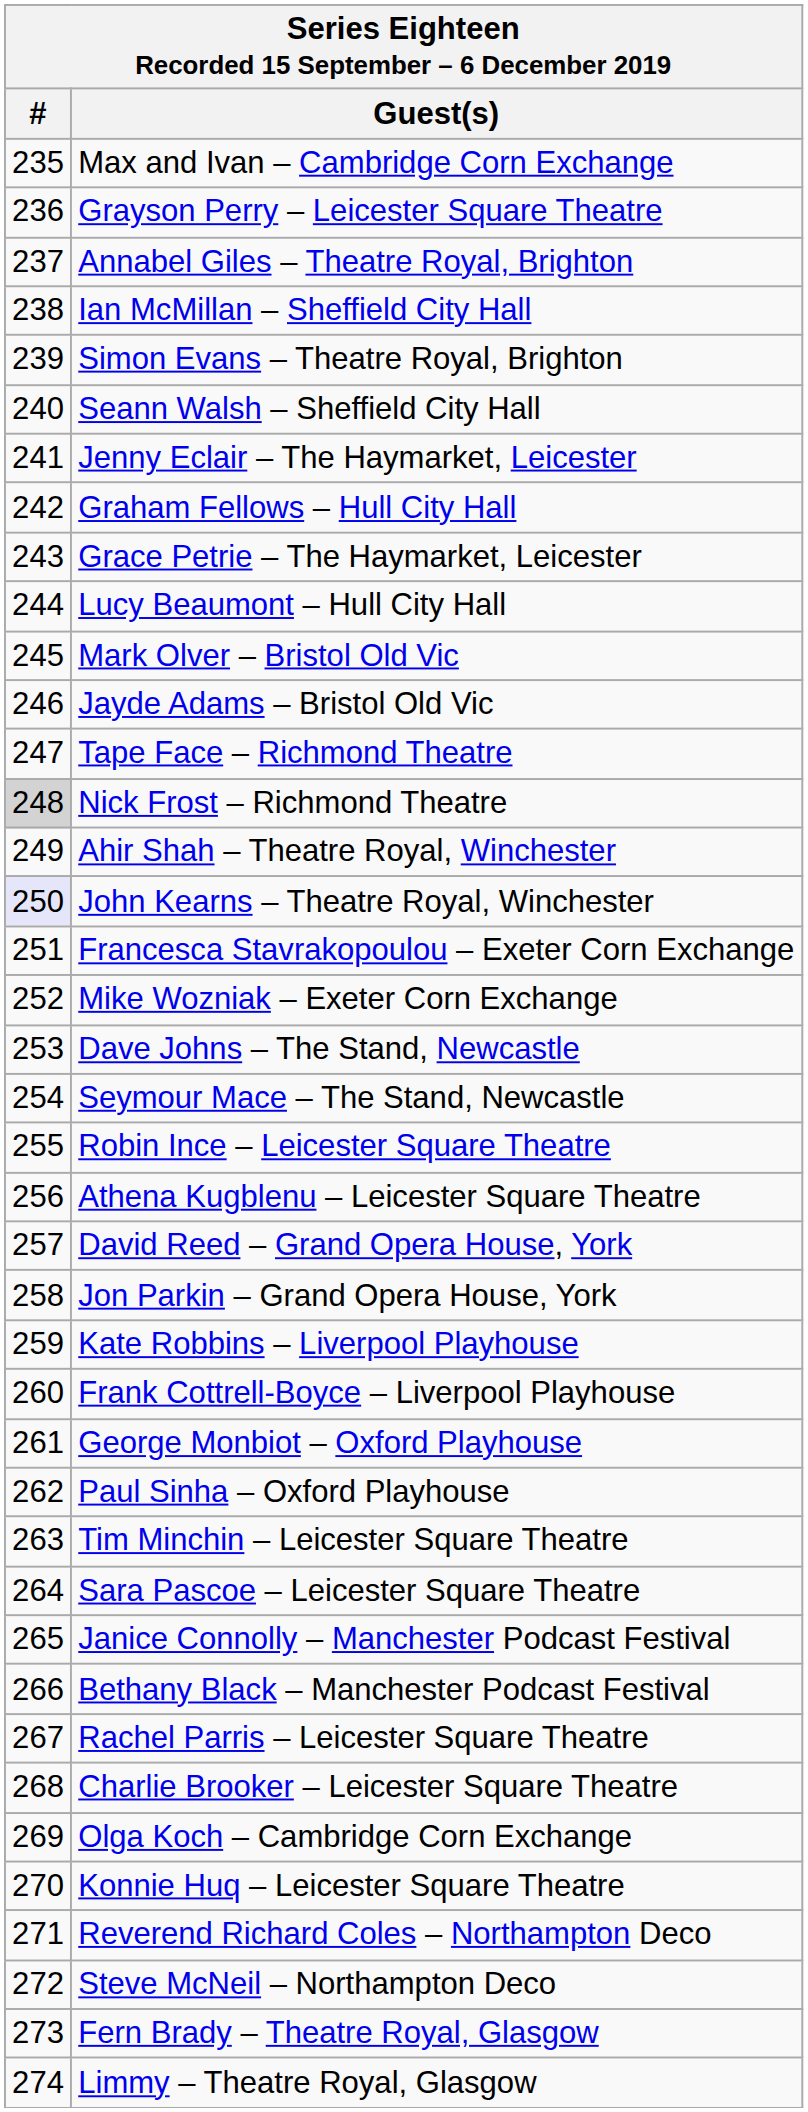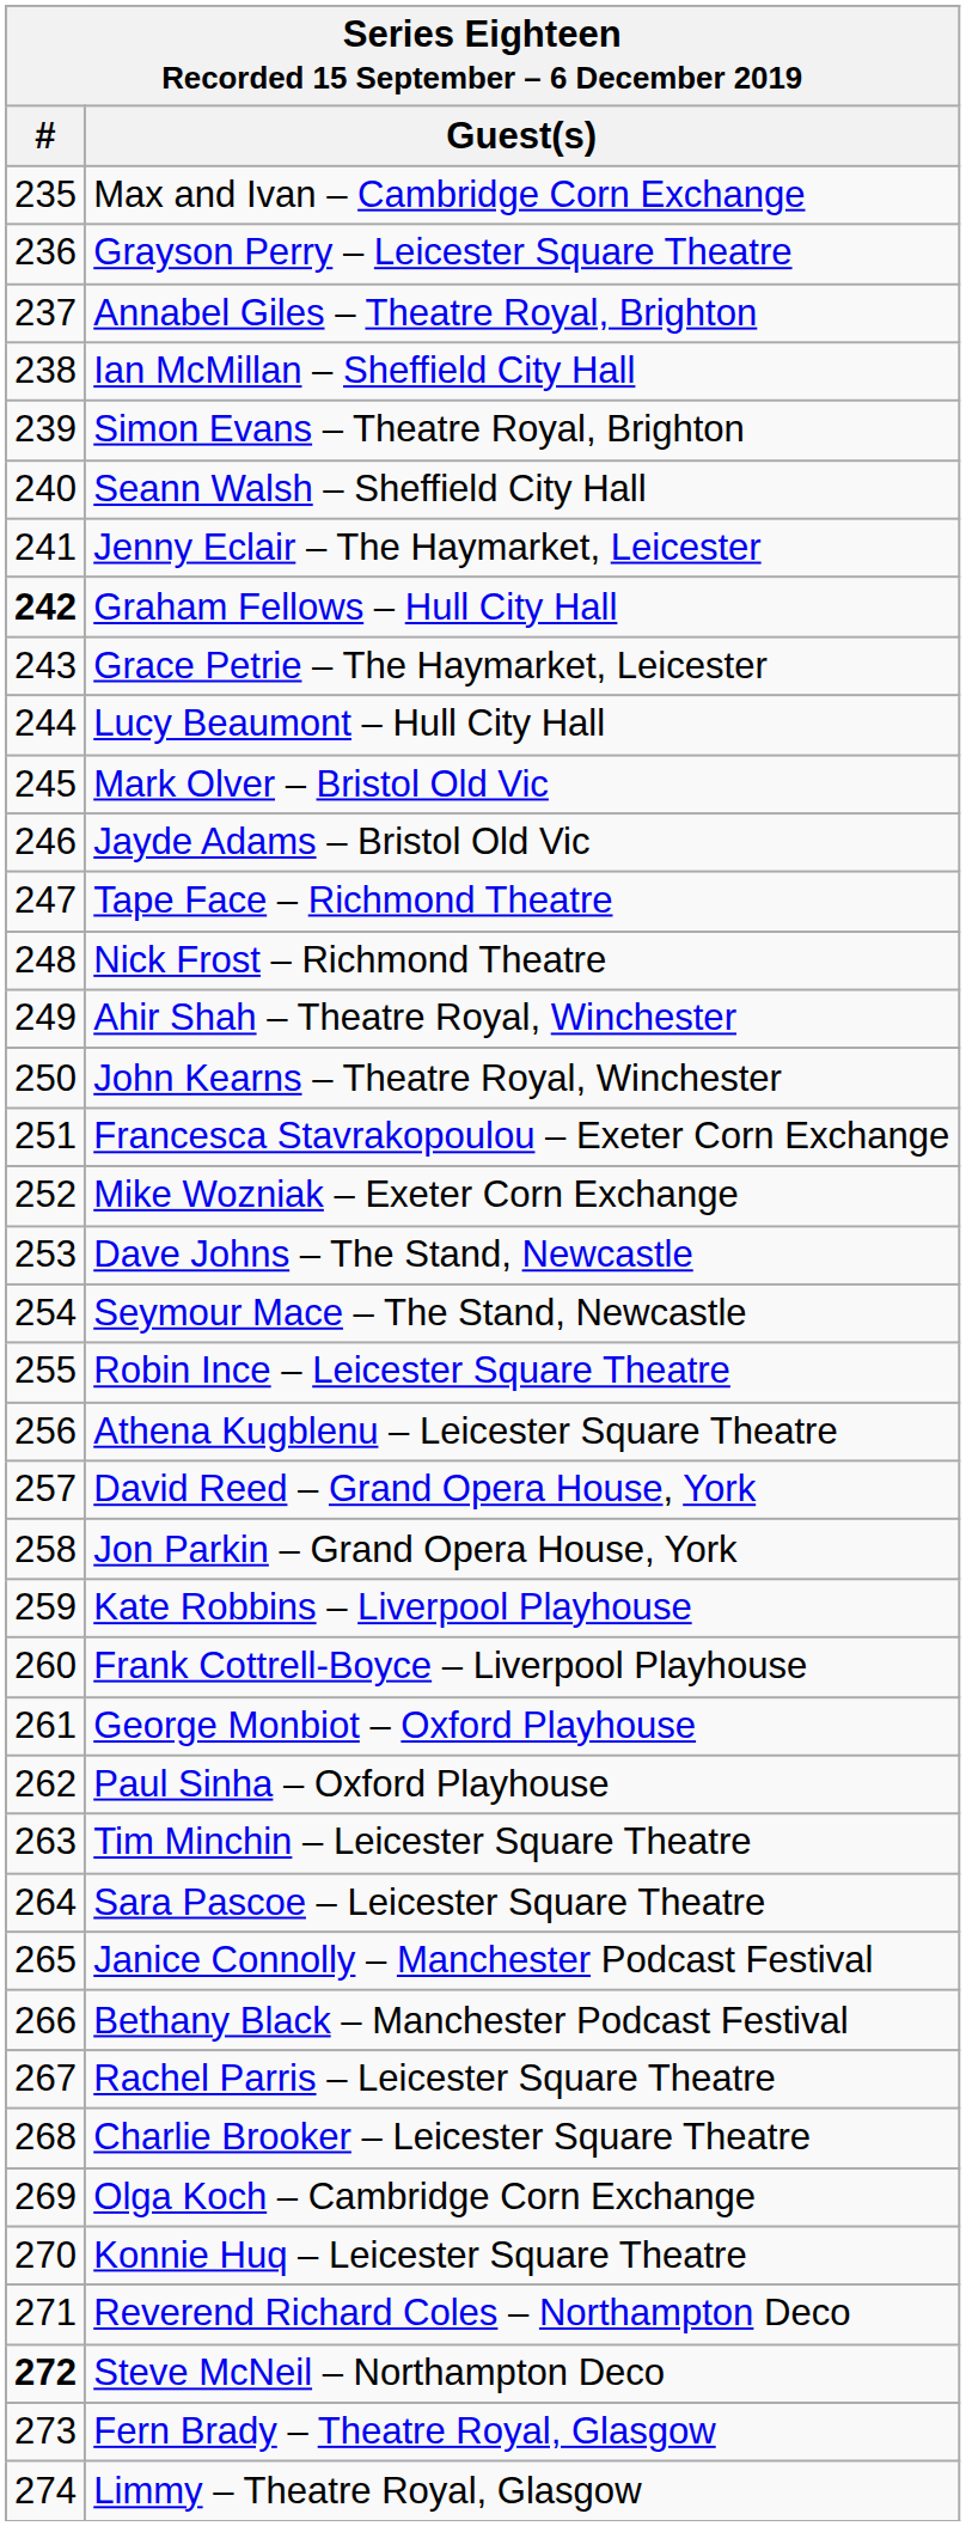 <table class="wikitable">
 <tr>
 <th colspan="3">Series Eighteen<br><small>Recorded 15 September – 6 December 2019</small></th>
 </tr>
 <tr>
 <th>#</th>
 <th>Guest(s)</th>
 </tr>
 <tr>
 <td>235</td>
 <td>Max and Ivan – <a href='#'>Cambridge Corn Exchange</a></td>
 </tr>
 <tr>
 <td>236</td>
 <td><a href='#'>Grayson Perry</a> – <a href='#'>Leicester Square Theatre</a></td>
 </tr>
 <tr>
 <td>237</td>
 <td><a href='#'>Annabel Giles</a> – <a href='#'>Theatre Royal, Brighton</a></td>
 </tr>
 <tr>
 <td>238</td>
 <td><a href='#'>Ian McMillan</a> – <a href='#'>Sheffield City Hall</a></td>
 </tr>
 <tr>
 <td>239</td>
 <td><a href='#'>Simon Evans</a> – Theatre Royal, Brighton</td>
 </tr>
 <tr>
 <td>240</td>
 <td><a href='#'>Seann Walsh</a> – Sheffield City Hall</td>
 </tr>
 <tr>
 <td>241</td>
 <td><a href='#'>Jenny Eclair</a> – The Haymarket, <a href='#'>Leicester</a></td>
 </tr>
 <tr>
-<td>242</td>
+<td><strong>242</strong></td>
 <td><a href='#'>Graham Fellows</a> – <a href='#'>Hull City Hall</a></td>
 </tr>
 <tr>
 <td>243</td>
 <td><a href='#'>Grace Petrie</a> – The Haymarket, Leicester</td>
 </tr>
 <tr>
 <td>244</td>
 <td><a href='#'>Lucy Beaumont</a> – Hull City Hall</td>
 </tr>
 <tr>
 <td>245</td>
 <td><a href='#'>Mark Olver</a> – <a href='#'>Bristol Old Vic</a></td>
 </tr>
 <tr>
 <td>246</td>
 <td><a href='#'>Jayde Adams</a> – Bristol Old Vic</td>
 </tr>
 <tr>
 <td>247</td>
 <td><a href='#'>Tape Face</a> – <a href='#'>Richmond Theatre</a></td>
 </tr>
 <tr>
-<td style="background: lightgrey;">248</td>
+<td>248</td>
 <td><a href='#'>Nick Frost</a> – Richmond Theatre</td>
 </tr>
 <tr>
 <td>249</td>
 <td><a href='#'>Ahir Shah</a> – Theatre Royal, <a href='#'>Winchester</a></td>
 </tr>
 <tr>
-<td style="background: lavender;">250</td>
+<td>250</td>
 <td><a href='#'>John Kearns</a> – Theatre Royal, Winchester</td>
 </tr>
 <tr>
 <td>251</td>
 <td><a href='#'>Francesca Stavrakopoulou</a> – Exeter Corn Exchange</td>
 </tr>
 <tr>
 <td>252</td>
 <td><a href='#'>Mike Wozniak</a> – Exeter Corn Exchange</td>
 </tr>
 <tr>
 <td>253</td>
 <td><a href='#'>Dave Johns</a> – The Stand, <a href='#'>Newcastle</a></td>
 </tr>
 <tr>
 <td>254</td>
 <td><a href='#'>Seymour Mace</a> – The Stand, Newcastle</td>
 </tr>
 <tr>
 <td>255</td>
 <td><a href='#'>Robin Ince</a> – <a href='#'>Leicester Square Theatre</a></td>
 </tr>
 <tr>
 <td>256</td>
 <td><a href='#'>Athena Kugblenu</a> – Leicester Square Theatre</td>
 </tr>
 <tr>
 <td>257</td>
 <td><a href='#'>David Reed</a> – <a href='#'>Grand Opera House</a>, <a href='#'>York</a></td>
 </tr>
 <tr>
 <td>258</td>
 <td><a href='#'>Jon Parkin</a> – Grand Opera House, York</td>
 </tr>
 <tr>
 <td>259</td>
 <td><a href='#'>Kate Robbins</a> – <a href='#'>Liverpool Playhouse</a></td>
 </tr>
 <tr>
 <td>260</td>
 <td><a href='#'>Frank Cottrell-Boyce</a> – Liverpool Playhouse</td>
 </tr>
 <tr>
 <td>261</td>
 <td><a href='#'>George Monbiot</a> – <a href='#'>Oxford Playhouse</a></td>
 </tr>
 <tr>
 <td>262</td>
 <td><a href='#'>Paul Sinha</a> – Oxford Playhouse</td>
 </tr>
 <tr>
 <td>263</td>
 <td><a href='#'>Tim Minchin</a> – Leicester Square Theatre</td>
 </tr>
 <tr>
 <td>264</td>
 <td><a href='#'>Sara Pascoe</a> – Leicester Square Theatre</td>
 </tr>
 <tr>
 <td>265</td>
 <td><a href='#'>Janice Connolly</a> – <a href='#'>Manchester</a> Podcast Festival</td>
 </tr>
 <tr>
 <td>266</td>
 <td><a href='#'>Bethany Black</a> – Manchester Podcast Festival</td>
 </tr>
 <tr>
 <td>267</td>
 <td><a href='#'>Rachel Parris</a> – Leicester Square Theatre</td>
 </tr>
 <tr>
 <td>268</td>
 <td><a href='#'>Charlie Brooker</a> – Leicester Square Theatre</td>
 </tr>
 <tr>
 <td>269</td>
 <td><a href='#'>Olga Koch</a> – Cambridge Corn Exchange</td>
 </tr>
 <tr>
 <td>270</td>
 <td><a href='#'>Konnie Huq</a> – Leicester Square Theatre</td>
 </tr>
 <tr>
 <td>271</td>
 <td><a href='#'>Reverend Richard Coles</a> – <a href='#'>Northampton</a> Deco</td>
 </tr>
 <tr>
-<td>272</td>
+<td><strong>272</strong></td>
 <td><a href='#'>Steve McNeil</a> – Northampton Deco</td>
 </tr>
 <tr>
 <td>273</td>
 <td><a href='#'>Fern Brady</a> – <a href='#'>Theatre Royal, Glasgow</a></td>
 </tr>
 <tr>
 <td>274</td>
 <td><a href='#'>Limmy</a> – Theatre Royal, Glasgow</td>
 </tr>
 </table>
